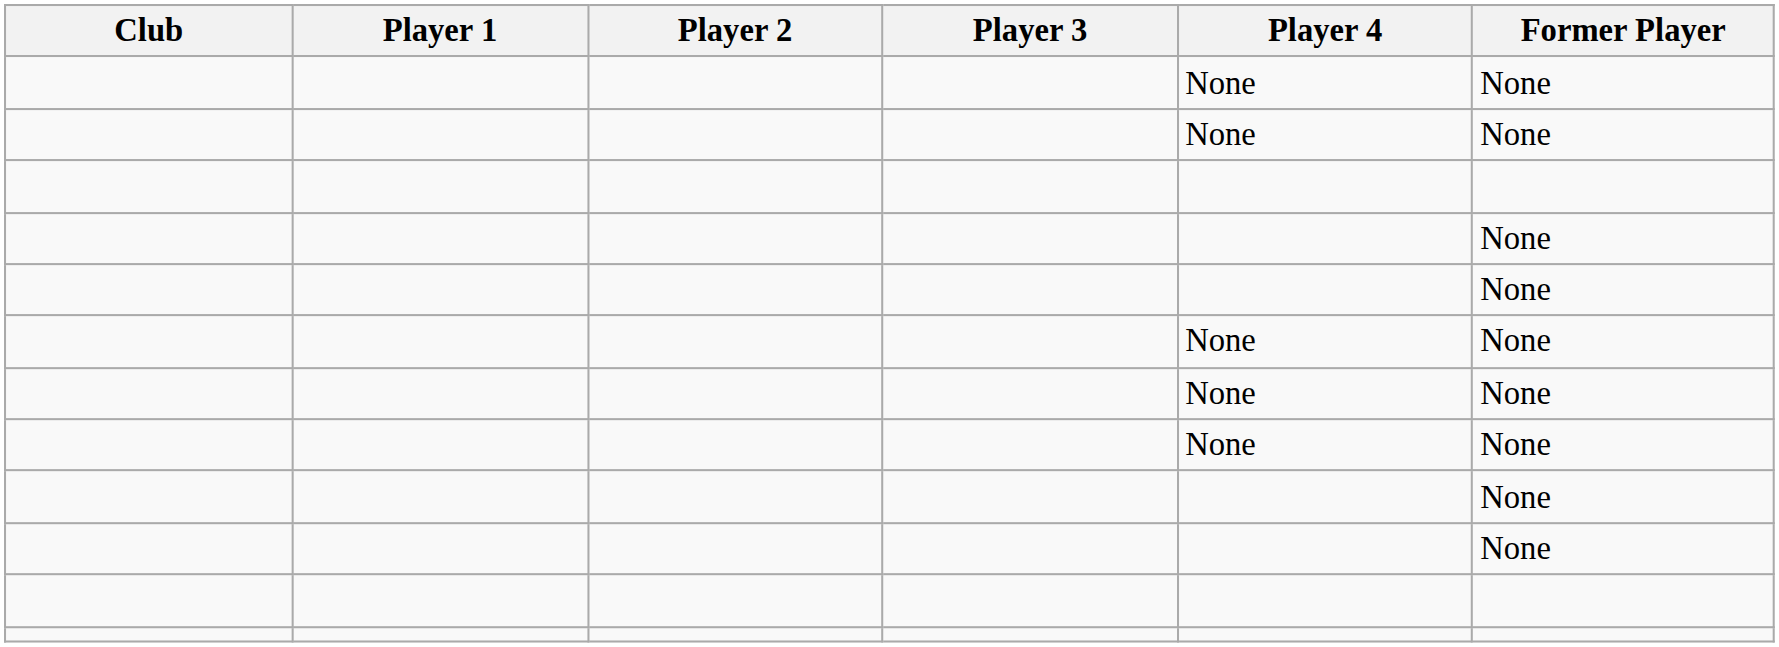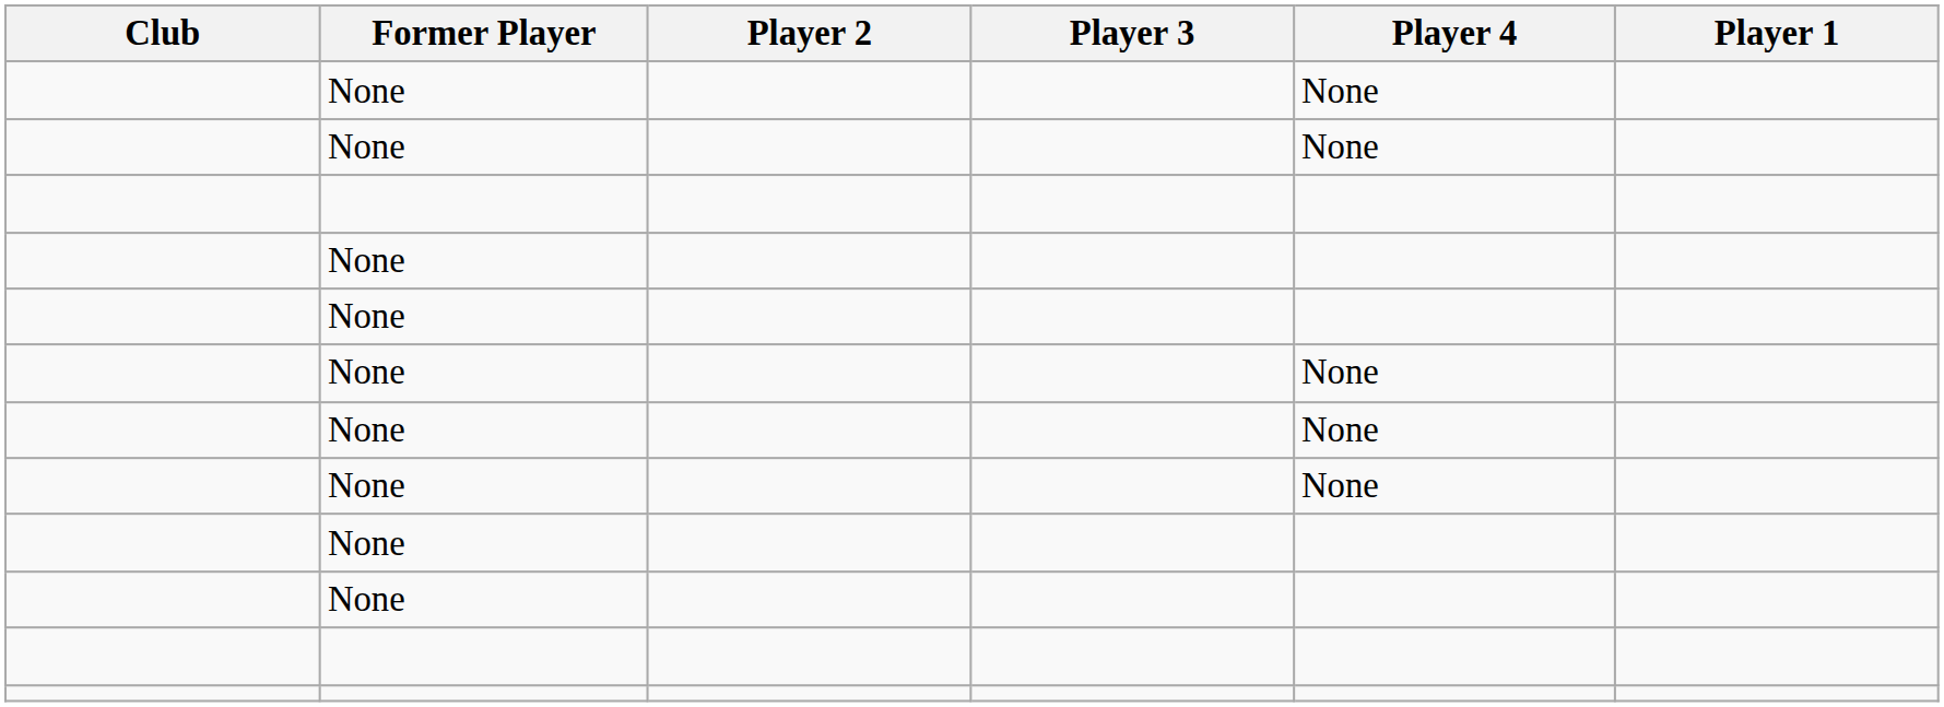 <table class="wikitable ">
 <tr>
 <th style="width:190px;">Club</th>
-<th style="width:190px;">Player 1</th>
+<th style="width:190px;">Former Player</th>
 <th style="width:190px;">Player 2</th>
 <th style="width:190px;">Player 3</th>
 <th style="width:190px;">Player 4</th>
-<th style="width:190px;">Former Player</th>
+<th style="width:190px;">Player 1</th>
 </tr>
 <tr>
+<td></td>
+<td>None</td>
+<td></td>
+<td></td>
+<td>None</td>
+<td></td>
+</tr>
+<tr>
+<td></td>
+<td>None</td>
+<td></td>
+<td></td>
+<td>None</td>
+<td></td>
+</tr>
+<tr>
+<td></td>
+<td><br></td>
 <td></td>
 <td></td>
 <td></td>
 <td></td>
-<td>None</td>
-<td>None</td>
 </tr>
 <tr>
+<td></td>
+<td>None</td>
 <td></td>
 <td></td>
 <td></td>
 <td></td>
-<td>None</td>
-<td>None</td>
 </tr>
 <tr>
+<td></td>
+<td>None</td>
 <td></td>
 <td></td>
 <td></td>
 <td></td>
-<td></td>
-<td><br></td>
 </tr>
 <tr>
+<td></td>
+<td>None</td>
+<td></td>
+<td></td>
+<td>None</td>
+<td></td>
+</tr>
+<tr>
+<td></td>
+<td>None</td>
+<td></td>
+<td></td>
+<td>None</td>
+<td></td>
+</tr>
+<tr>
+<td></td>
+<td>None</td>
+<td></td>
+<td></td>
+<td>None</td>
+<td></td>
+</tr>
+<tr>
+<td></td>
+<td>None</td>
 <td></td>
 <td></td>
 <td></td>
 <td></td>
+</tr>
+<tr>
 <td></td>
 <td>None</td>
-</tr>
-<tr>
 <td></td>
 <td></td>
 <td></td>
 <td></td>
-<td></td>
-<td>None</td>
 </tr>
 <tr>
+<td></td>
+<td><br></td>
 <td></td>
 <td></td>
 <td></td>
 <td></td>
-<td>None</td>
-<td>None</td>
-</tr>
-<tr>
-<td></td>
-<td></td>
-<td></td>
-<td></td>
-<td>None</td>
-<td>None</td>
-</tr>
-<tr>
-<td></td>
-<td></td>
-<td></td>
-<td></td>
-<td>None</td>
-<td>None</td>
-</tr>
-<tr>
-<td></td>
-<td></td>
-<td></td>
-<td></td>
-<td></td>
-<td>None</td>
-</tr>
-<tr>
-<td></td>
-<td></td>
-<td></td>
-<td></td>
-<td></td>
-<td>None</td>
-</tr>
-<tr>
-<td></td>
-<td></td>
-<td></td>
-<td></td>
-<td></td>
-<td><br></td>
 </tr>
 <tr>
 <td></td>
 <td></td>
 <td></td>
 <td></td>
 <td></td>
 <td></td>
 </tr>
 </table>
